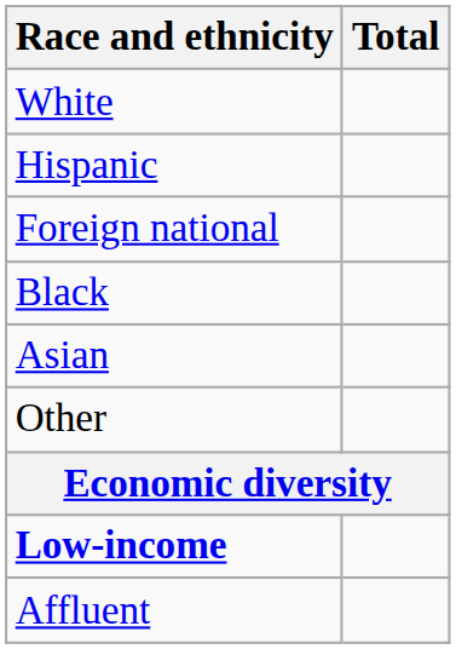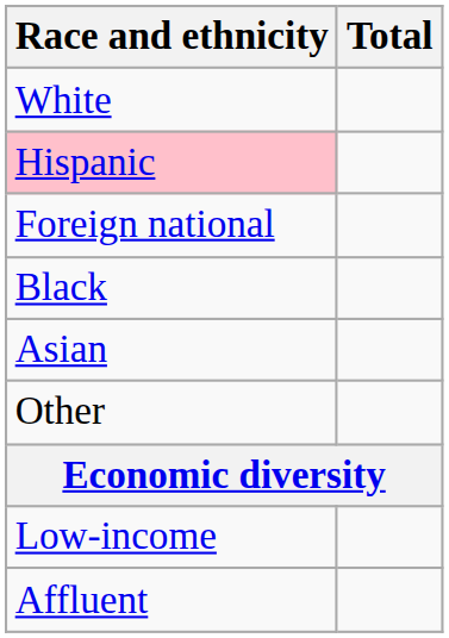 <table class="wikitable floatright sortable collapsible"; text-align:right; font-size:80%;">
 <tr>
 <th>Race and ethnicity</th>
 <th colspan="2" data-sort-type=number>Total</th>
 </tr>
 <tr>
 <td><a href='#'>White</a></td>
 <td align=right></td>
 </tr>
 <tr>
-<td><a href='#'>Hispanic</a></td>
+<td style="background: pink;"><a href='#'>Hispanic</a></td>
 <td align=right></td>
 </tr>
 <tr>
 <td><a href='#'>Foreign national</a></td>
 <td align=right></td>
 </tr>
 <tr>
 <td><a href='#'>Black</a></td>
 <td align=right></td>
 </tr>
 <tr>
 <td><a href='#'>Asian</a></td>
 <td align=right></td>
 </tr>
 <tr>
 <td>Other</td>
 <td align=right></td>
 </tr>
 <tr>
 <th colspan="4" data-sort-type=number><a href='#'>Economic diversity</a></th>
 </tr>
 <tr>
-<td><strong><a href='#'>Low-income</a></strong></td>
+<td><a href='#'>Low-income</a></td>
 <td align=right></td>
 </tr>
 <tr>
 <td><a href='#'>Affluent</a></td>
 <td align=right></td>
 </tr>
 </table>
